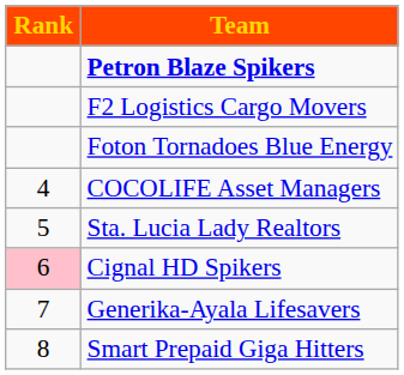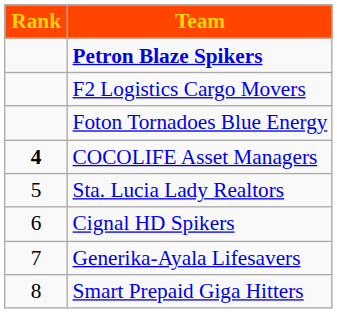 <table class="wikitable" style="text-align: center;">
 <tr>
 <th width=40 style="background:#FF4500; color:#FFD700;">Rank</th>
 <th style="background:#FF4500; color:#FFD700;">Team</th>
 </tr>
 <tr>
 <td></td>
 <td align="left"><strong><a href='#'>Petron Blaze Spikers</a></strong></td>
 </tr>
 <tr>
 <td></td>
 <td align="left"><a href='#'>F2 Logistics Cargo Movers</a></td>
 </tr>
 <tr>
 <td></td>
 <td align="left"><a href='#'>Foton Tornadoes Blue Energy</a></td>
 </tr>
 <tr>
-<td>4</td>
+<td><strong>4</strong></td>
 <td align="left"><a href='#'>COCOLIFE Asset Managers</a></td>
 </tr>
 <tr>
 <td>5</td>
 <td align="left"><a href='#'>Sta. Lucia Lady Realtors</a></td>
 </tr>
 <tr>
-<td style="background: pink;">6</td>
+<td>6</td>
 <td align="left"><a href='#'>Cignal HD Spikers</a></td>
 </tr>
 <tr>
 <td>7</td>
 <td align="left"><a href='#'>Generika-Ayala Lifesavers</a></td>
 </tr>
 <tr>
 <td>8</td>
 <td align="left"><a href='#'>Smart Prepaid Giga Hitters</a></td>
 </tr>
 </table>
